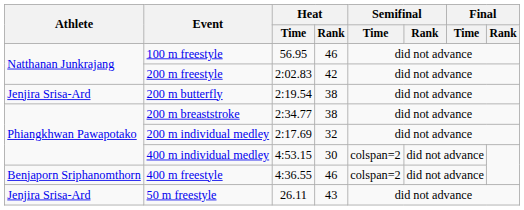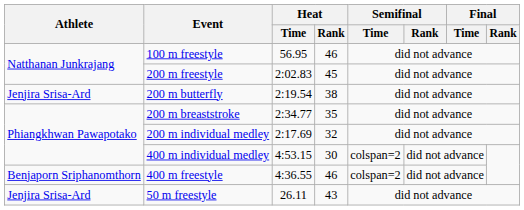 <table class=wikitable style="font-size:90%">
 <tr>
 <th rowspan="2">Athlete</th>
 <th rowspan="2">Event</th>
 <th colspan="2">Heat</th>
 <th colspan="2">Semifinal</th>
 <th colspan="2">Final</th>
 </tr>
 <tr style="font-size:95%">
 <th>Time</th>
 <th>Rank</th>
 <th>Time</th>
 <th>Rank</th>
 <th>Time</th>
 <th>Rank</th>
 </tr>
 <tr align=center>
 <td align=left rowspan=2><a href='#'>Natthanan Junkrajang</a></td>
 <td align=left><a href='#'>100 m freestyle</a></td>
 <td>56.95</td>
 <td>46</td>
 <td colspan=4>did not advance</td>
 </tr>
 <tr align=center>
 <td align=left><a href='#'>200 m freestyle</a></td>
 <td>2:02.83</td>
-<td>42</td>
+<td>45</td>
 <td colspan=4>did not advance</td>
 </tr>
 <tr align=center>
 <td align=left><a href='#'>Jenjira Srisa-Ard</a></td>
 <td align=left><a href='#'>200 m butterfly</a></td>
 <td>2:19.54</td>
 <td>38</td>
 <td colspan=4>did not advance</td>
 </tr>
 <tr align=center>
 <td align=left rowspan=3><a href='#'>Phiangkhwan Pawapotako</a></td>
 <td align=left><a href='#'>200 m breaststroke</a></td>
 <td>2:34.77</td>
-<td>38</td>
+<td>35</td>
 <td colspan=4>did not advance</td>
 </tr>
 <tr align=center>
 <td align=left><a href='#'>200 m individual medley</a></td>
 <td>2:17.69</td>
 <td>32</td>
 <td colspan=4>did not advance</td>
 </tr>
 <tr align=center>
 <td align=left><a href='#'>400 m individual medley</a></td>
 <td>4:53.15</td>
 <td>30</td>
 <td>colspan=2 </td>
 <td colspan=2>did not advance</td>
 </tr>
 <tr align=center>
 <td align=left><a href='#'>Benjaporn Sriphanomthorn</a></td>
 <td align=left><a href='#'>400 m freestyle</a></td>
 <td>4:36.55</td>
 <td>46</td>
 <td>colspan=2 </td>
 <td colspan=2>did not advance</td>
 </tr>
 <tr align=center>
 <td align=left><a href='#'>Jenjira Srisa-Ard</a></td>
 <td align=left><a href='#'>50 m freestyle</a></td>
 <td>26.11</td>
 <td>43</td>
 <td colspan=4>did not advance</td>
 </tr>
 </table>
